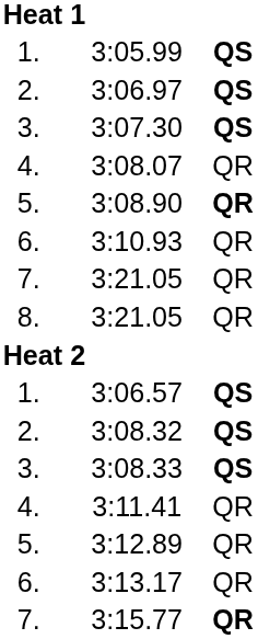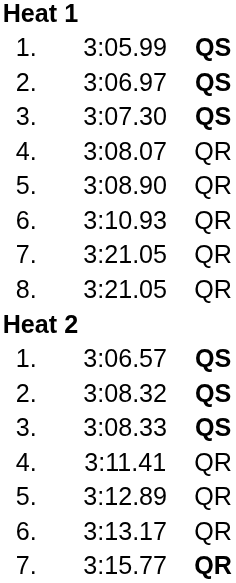 <table style="text-align:center">
 <tr>
 <td colspan=4 align=left><strong>Heat 1</strong></td>
 </tr>
 <tr>
 <td width=30>1.</td>
 <td align=left></td>
 <td width=80>3:05.99</td>
 <td><strong>QS</strong></td>
 </tr>
 <tr>
 <td>2.</td>
 <td align=left></td>
 <td>3:06.97</td>
 <td><strong>QS</strong></td>
 </tr>
 <tr>
 <td>3.</td>
 <td align=left></td>
 <td>3:07.30</td>
 <td><strong>QS</strong></td>
 </tr>
 <tr>
 <td>4.</td>
 <td align=left></td>
 <td>3:08.07</td>
 <td>QR</td>
 </tr>
 <tr>
 <td>5.</td>
 <td align=left></td>
 <td>3:08.90</td>
-<td><strong>QR</strong></td>
+<td>QR</td>
 </tr>
 <tr>
 <td>6.</td>
 <td align=left></td>
 <td>3:10.93</td>
 <td>QR</td>
 </tr>
 <tr>
 <td>7.</td>
 <td align=left></td>
 <td>3:21.05</td>
 <td>QR</td>
 </tr>
 <tr>
 <td>8.</td>
 <td align=left></td>
 <td>3:21.05</td>
 <td>QR</td>
 </tr>
 <tr>
 <td colspan=4 align=left><strong>Heat 2</strong></td>
 </tr>
 <tr>
 <td>1.</td>
 <td align=left></td>
 <td>3:06.57</td>
 <td><strong>QS</strong></td>
 </tr>
 <tr>
 <td>2.</td>
 <td align=left></td>
 <td>3:08.32</td>
 <td><strong>QS</strong></td>
 </tr>
 <tr>
 <td>3.</td>
 <td align=left></td>
 <td>3:08.33</td>
 <td><strong>QS</strong></td>
 </tr>
 <tr>
 <td>4.</td>
 <td align=left></td>
 <td>3:11.41</td>
 <td>QR</td>
 </tr>
 <tr>
 <td>5.</td>
 <td align=left></td>
 <td>3:12.89</td>
 <td>QR</td>
 </tr>
 <tr>
 <td>6.</td>
 <td align=left></td>
 <td>3:13.17</td>
 <td>QR</td>
 </tr>
 <tr>
 <td>7.</td>
 <td align=left></td>
 <td>3:15.77</td>
 <td><strong>QR</strong></td>
 </tr>
 </table>
